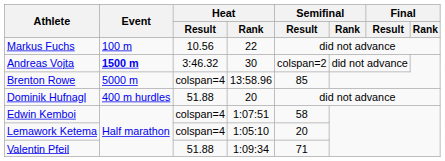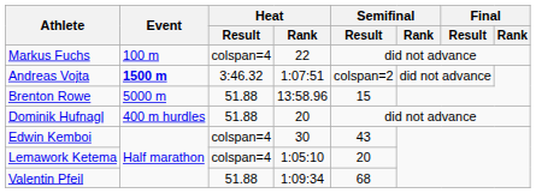 <table class="wikitable" style="font-size:90%">
 <tr>
 <th rowspan=2>Athlete</th>
 <th rowspan=2>Event</th>
 <th colspan=2>Heat</th>
 <th colspan=2>Semifinal</th>
 <th colspan=2>Final</th>
 </tr>
 <tr style="font-size:95%">
 <th>Result</th>
 <th>Rank</th>
 <th>Result</th>
 <th>Rank</th>
 <th>Result</th>
 <th>Rank</th>
 </tr>
 <tr align=center>
 <td align=left><a href='#'>Markus Fuchs</a></td>
 <td style="text-align:left;"><a href='#'>100 m</a></td>
-<td>10.56</td>
+<td>colspan=4 </td>
 <td>22</td>
 <td colspan=4>did not advance</td>
 </tr>
 <tr align=center>
 <td align=left><a href='#'>Andreas Vojta</a></td>
 <td style="text-align:left;"><strong><a href='#'>1500 m</a></strong></td>
 <td>3:46.32</td>
-<td>30</td>
+<td>1:07:51</td>
 <td>colspan=2 </td>
 <td colspan=2>did not advance</td>
 </tr>
 <tr align=center>
 <td align=left><a href='#'>Brenton Rowe</a></td>
 <td style="text-align:left;"><a href='#'>5000 m</a></td>
-<td>colspan=4 </td>
+<td>51.88</td>
 <td>13:58.96</td>
-<td>85</td>
+<td>15</td>
 </tr>
 <tr align=center>
 <td align=left><a href='#'>Dominik Hufnagl</a></td>
 <td style="text-align:left;"><a href='#'>400 m hurdles</a></td>
 <td>51.88</td>
 <td>20</td>
 <td colspan=4>did not advance</td>
 </tr>
 <tr align=center>
 <td align=left><a href='#'>Edwin Kemboi</a></td>
 <td style="text-align:left;" rowspan=3><a href='#'>Half marathon</a></td>
 <td>colspan=4 </td>
-<td>1:07:51</td>
-<td>58</td>
+<td>30</td>
+<td>43</td>
 </tr>
 <tr align=center>
 <td align=left><a href='#'>Lemawork Ketema</a></td>
 <td>colspan=4 </td>
 <td>1:05:10</td>
 <td>20</td>
 </tr>
 <tr align=center>
 <td align=left><a href='#'>Valentin Pfeil</a></td>
 <td>51.88</td>
 <td>1:09:34</td>
-<td>71</td>
+<td>68</td>
 </tr>
 </table>
